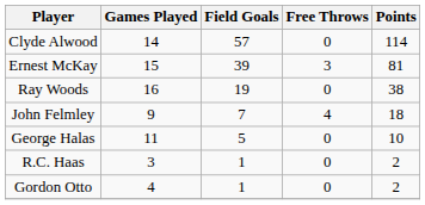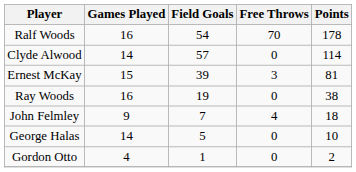 <table class="wikitable sortable">
 <tr>
 <th>Player</th>
 <th>Games Played</th>
 <th>Field Goals</th>
 <th>Free Throws</th>
 <th>Points</th>
+</tr>
+<tr align="center" bgcolor="">
+<td>Ralf Woods</td>
+<td>16</td>
+<td>54</td>
+<td>70</td>
+<td>178</td>
 </tr>
 <tr align="center" bgcolor="">
 <td>Clyde Alwood</td>
 <td>14</td>
 <td>57</td>
 <td>0</td>
 <td>114</td>
 </tr>
 <tr align="center" bgcolor="">
 <td>Ernest McKay</td>
 <td>15</td>
 <td>39</td>
 <td>3</td>
 <td>81</td>
 </tr>
 <tr align="center" bgcolor="">
 <td>Ray Woods</td>
 <td>16</td>
 <td>19</td>
 <td>0</td>
 <td>38</td>
 </tr>
 <tr align="center" bgcolor="">
 <td>John Felmley</td>
 <td>9</td>
 <td>7</td>
 <td>4</td>
 <td>18</td>
 </tr>
 <tr align="center" bgcolor="">
 <td>George Halas</td>
-<td>11</td>
+<td>14</td>
 <td>5</td>
 <td>0</td>
 <td>10</td>
-</tr>
-<tr align="center" bgcolor="">
-<td>R.C. Haas</td>
-<td>3</td>
-<td>1</td>
-<td>0</td>
-<td>2</td>
 </tr>
 <tr align="center" bgcolor="">
 <td>Gordon Otto</td>
 <td>4</td>
 <td>1</td>
 <td>0</td>
 <td>2</td>
 </tr>
 <tr align="center" bgcolor="">
 </tr>
 </table>
